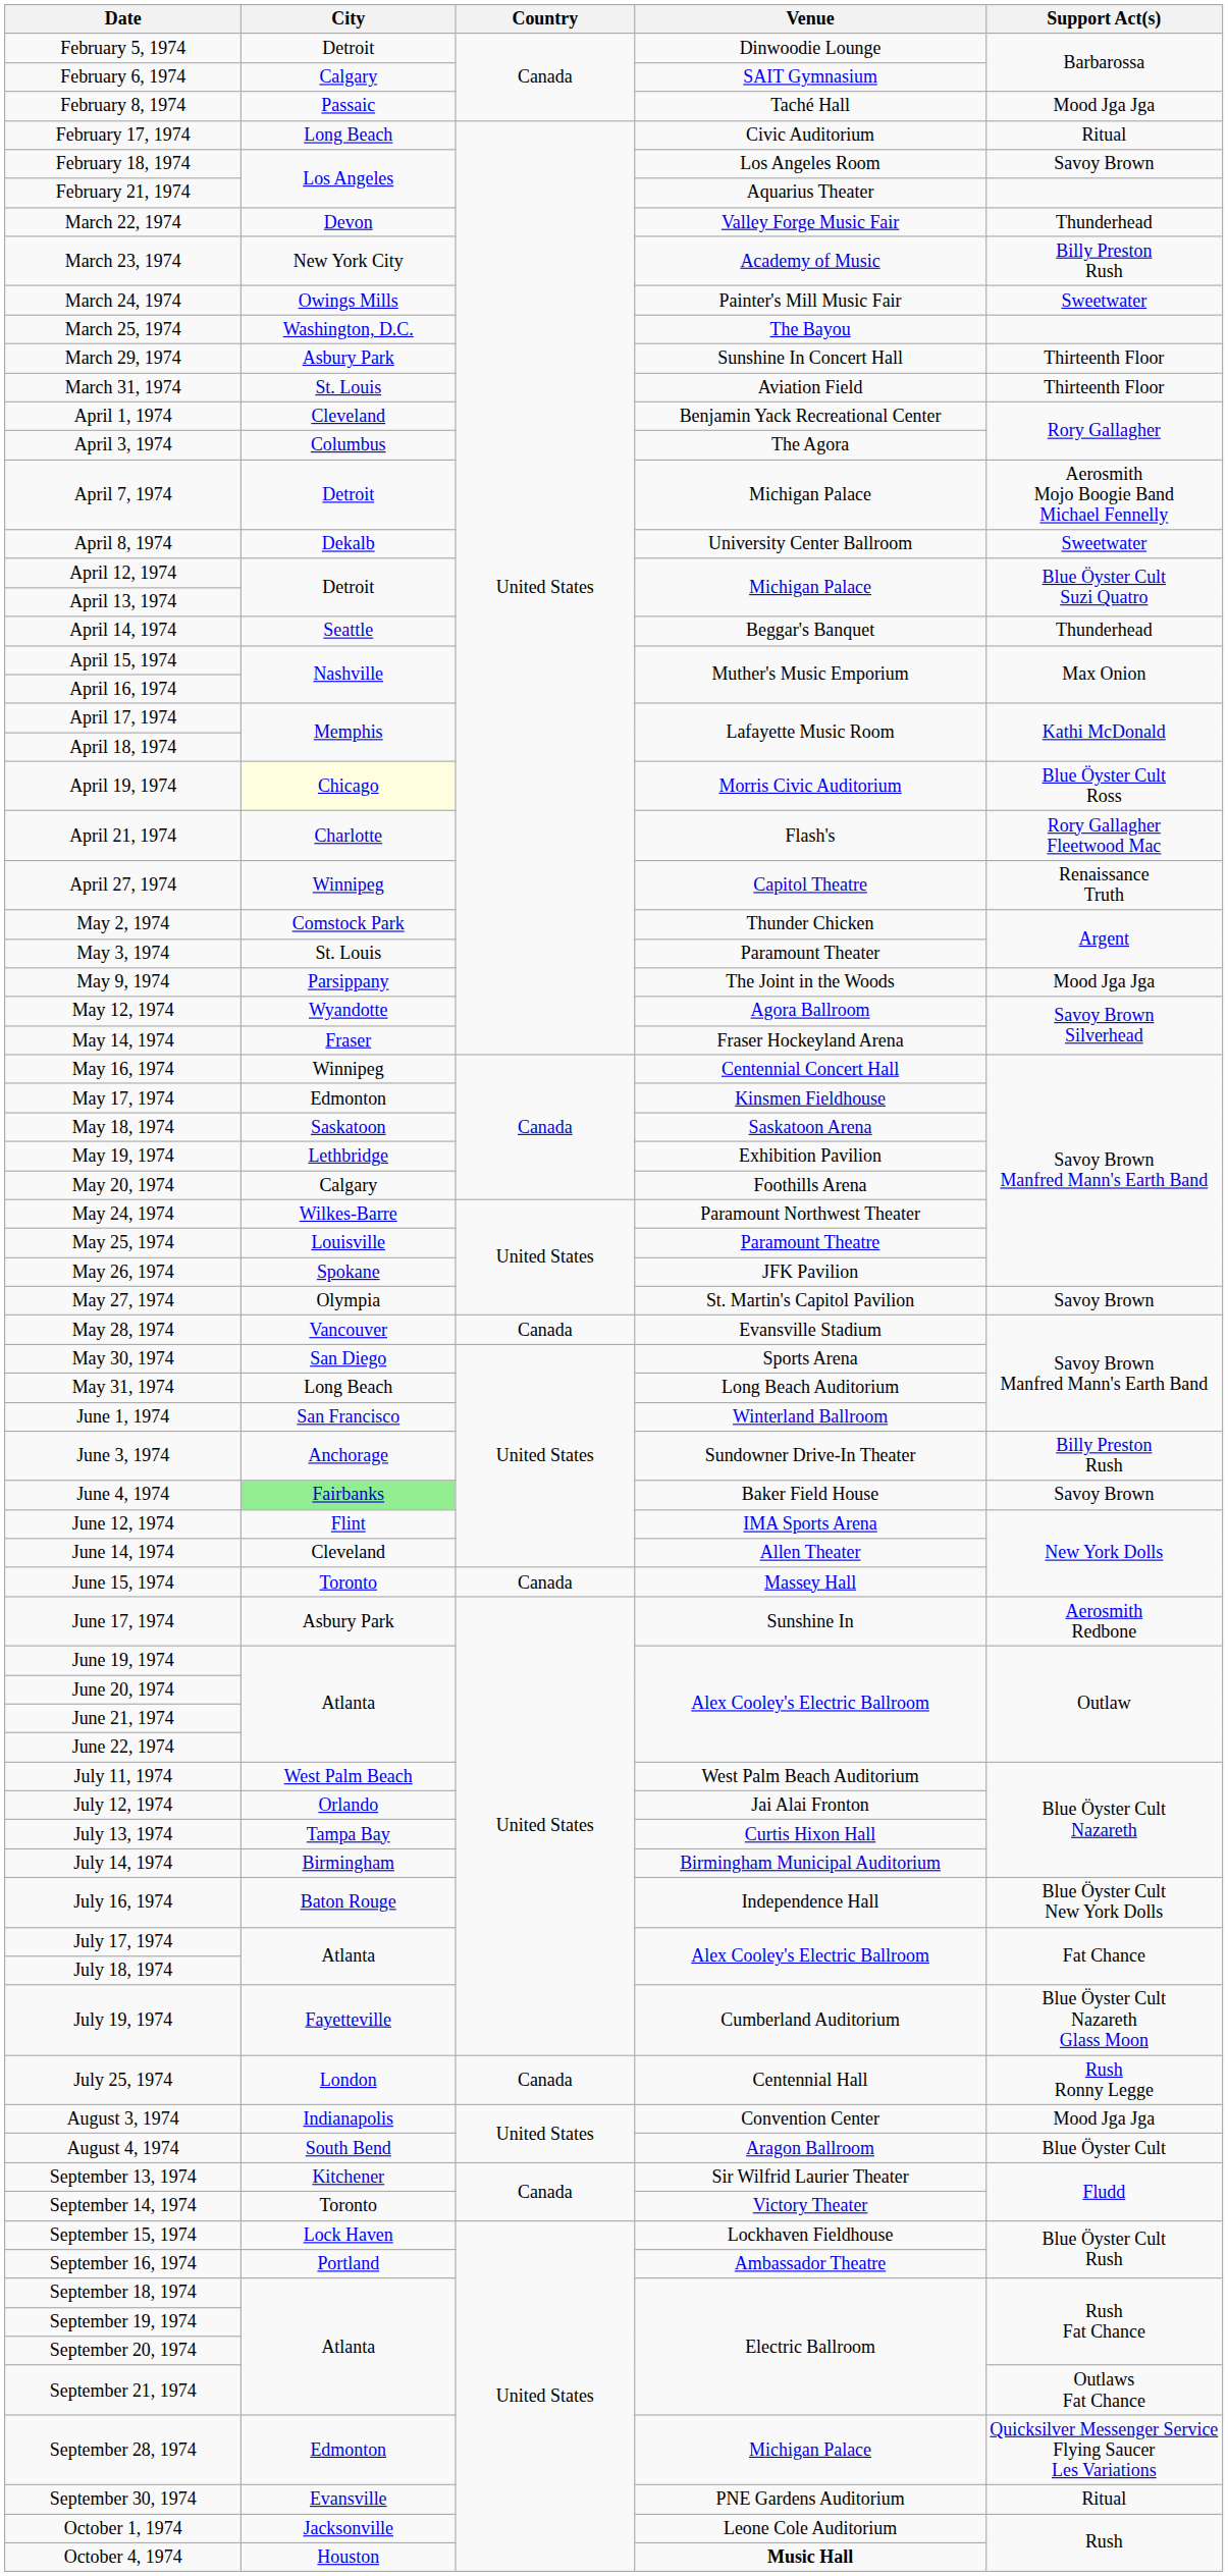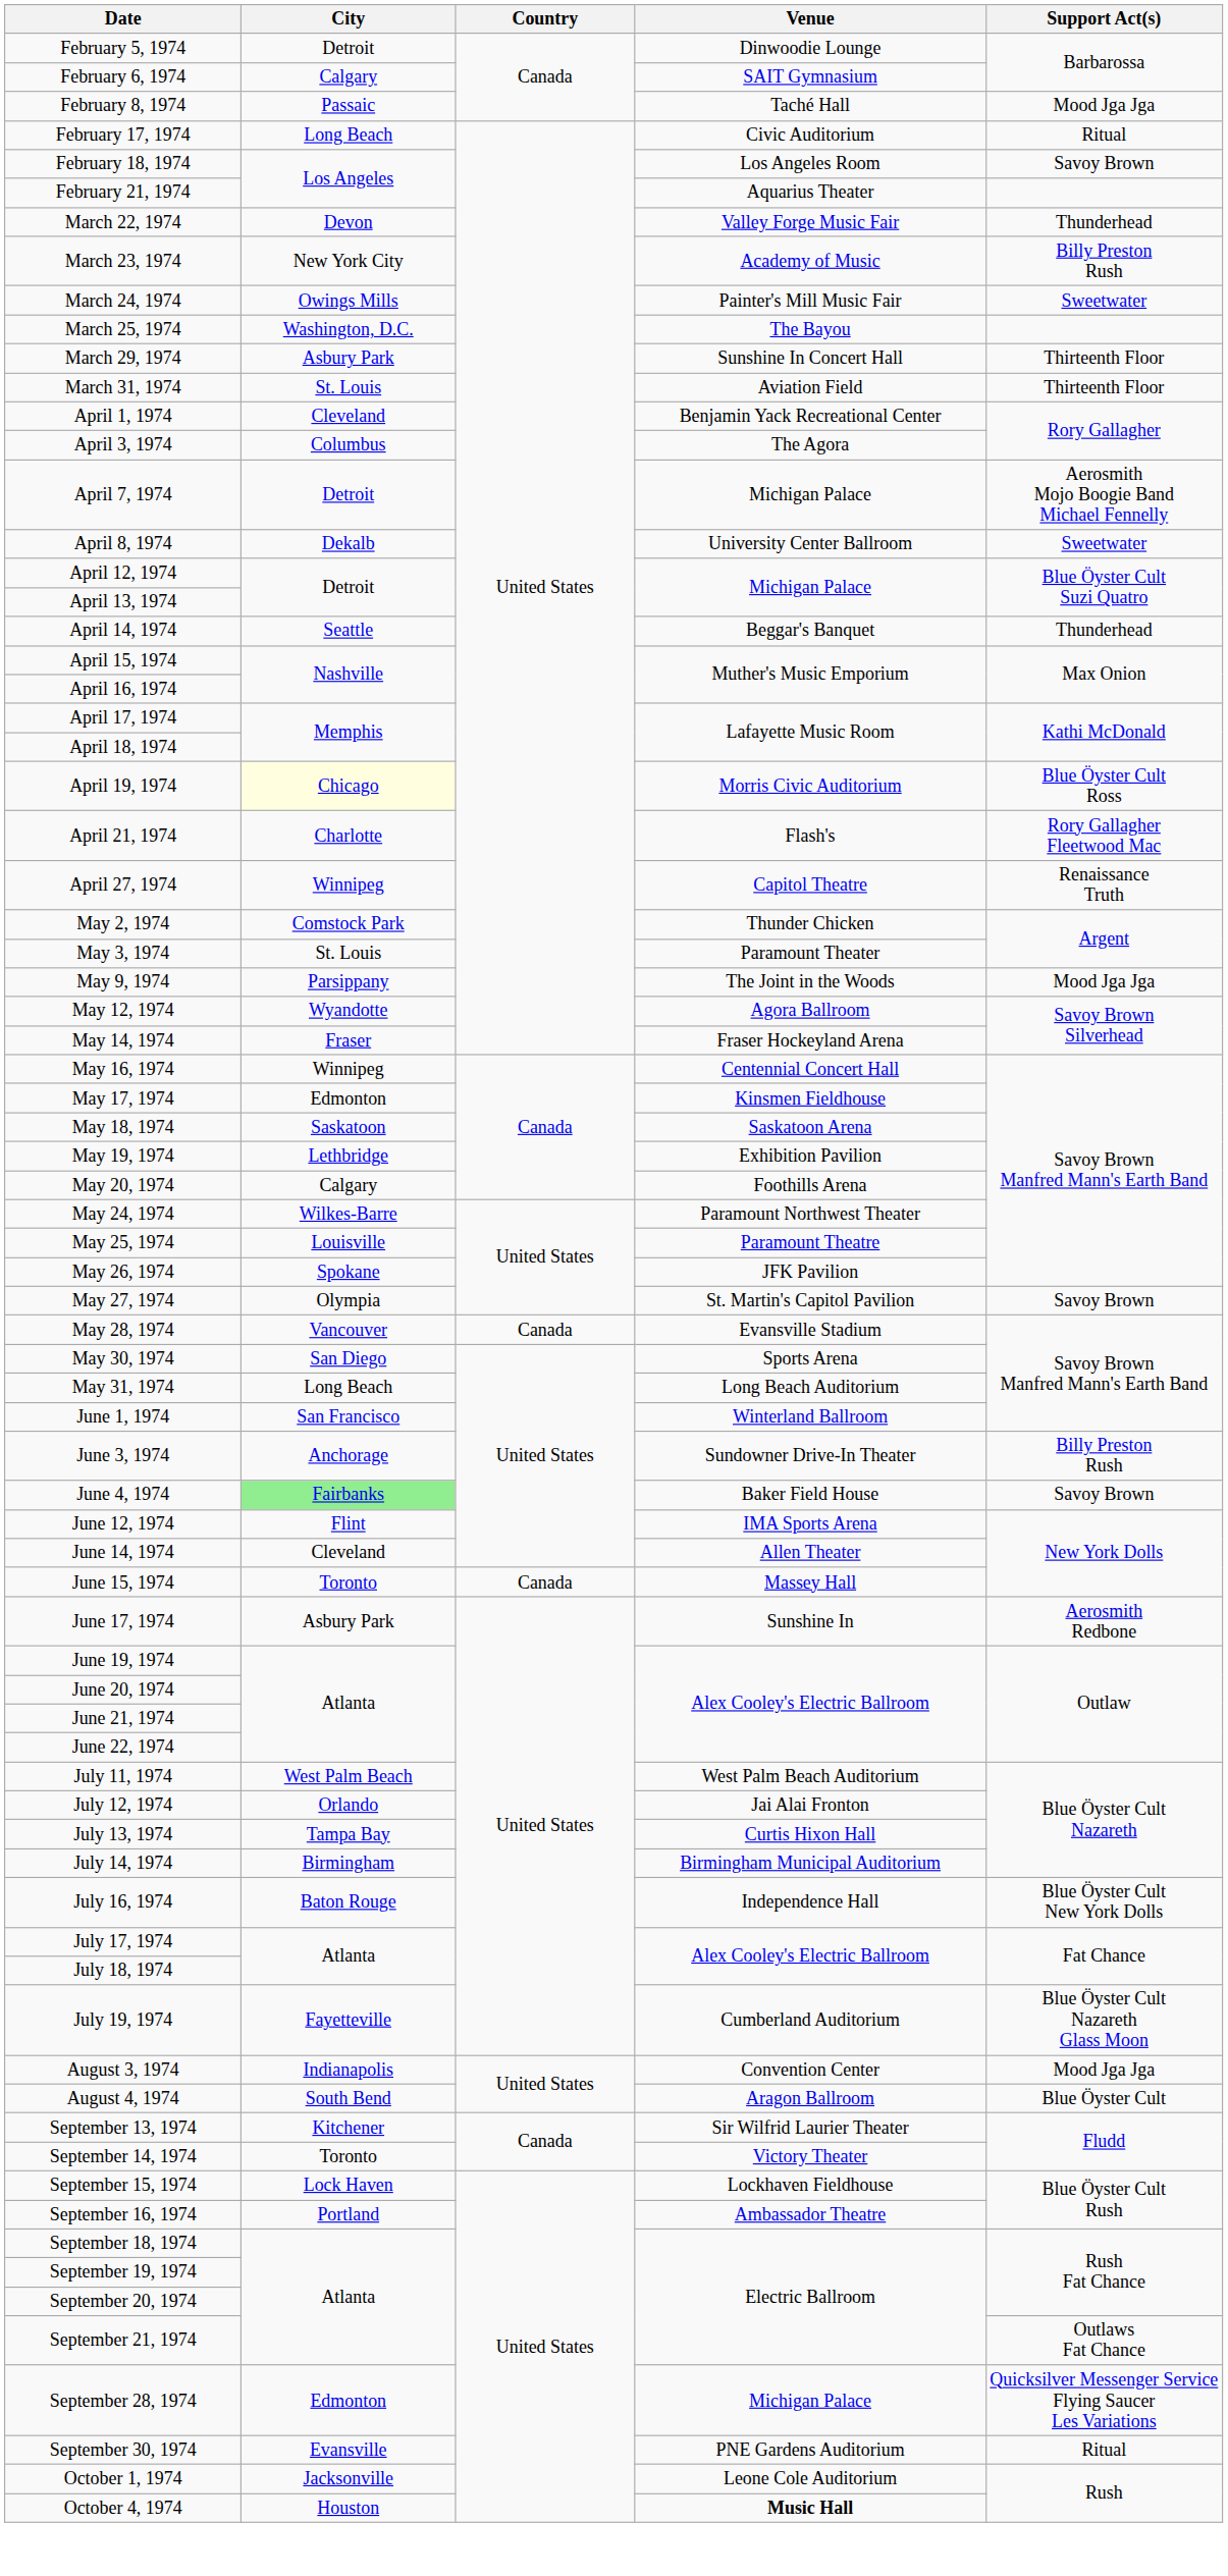 <table class="wikitable" style="text-align:center;">
 <tr>
 <th width="200">Date</th>
 <th width="180">City</th>
 <th width="150">Country</th>
 <th width="300">Venue</th>
 <th width="200">Support Act(s)</th>
 </tr>
 <tr>
 <td>February 5, 1974</td>
 <td>Detroit</td>
 <td rowspan="3">Canada</td>
 <td>Dinwoodie Lounge</td>
 <td rowspan="2">Barbarossa</td>
 </tr>
 <tr>
 <td>February 6, 1974</td>
 <td><a href='#'>Calgary</a></td>
 <td><a href='#'>SAIT Gymnasium</a></td>
 </tr>
 <tr>
 <td>February 8, 1974</td>
 <td><a href='#'>Passaic</a></td>
 <td>Taché Hall</td>
 <td>Mood Jga Jga</td>
 </tr>
 <tr>
 <td>February 17, 1974</td>
 <td><a href='#'>Long Beach</a></td>
 <td rowspan="28">United States</td>
 <td>Civic Auditorium</td>
 <td>Ritual</td>
 </tr>
 <tr>
 <td>February 18, 1974</td>
 <td rowspan="2"><a href='#'>Los Angeles</a></td>
 <td>Los Angeles Room</td>
 <td>Savoy Brown</td>
 </tr>
 <tr>
 <td>February 21, 1974</td>
 <td>Aquarius Theater</td>
 </tr>
 <tr>
 <td>March 22, 1974</td>
 <td><a href='#'>Devon</a></td>
 <td><a href='#'>Valley Forge Music Fair</a></td>
 <td>Thunderhead</td>
 </tr>
 <tr>
 <td>March 23, 1974</td>
 <td>New York City</td>
 <td><a href='#'>Academy of Music</a></td>
 <td><a href='#'>Billy Preston</a><br>Rush</td>
 </tr>
 <tr>
 <td>March 24, 1974</td>
 <td><a href='#'>Owings Mills</a></td>
 <td>Painter's Mill Music Fair</td>
 <td><a href='#'>Sweetwater</a></td>
 </tr>
 <tr>
 <td>March 25, 1974</td>
 <td><a href='#'>Washington, D.C.</a></td>
 <td><a href='#'>The Bayou</a></td>
 <td></td>
 </tr>
 <tr>
 <td>March 29, 1974</td>
 <td><a href='#'>Asbury Park</a></td>
 <td>Sunshine In Concert Hall</td>
 <td>Thirteenth Floor</td>
 </tr>
 <tr>
 <td>March 31, 1974</td>
 <td><a href='#'>St. Louis</a></td>
 <td>Aviation Field</td>
 <td>Thirteenth Floor</td>
 </tr>
 <tr>
 <td>April 1, 1974</td>
 <td><a href='#'>Cleveland</a></td>
 <td>Benjamin Yack Recreational Center</td>
 <td rowspan="2"><a href='#'>Rory Gallagher</a></td>
 </tr>
 <tr>
 <td>April 3, 1974</td>
 <td><a href='#'>Columbus</a></td>
 <td>The Agora</td>
 </tr>
 <tr>
 <td>April 7, 1974</td>
 <td><a href='#'>Detroit</a></td>
 <td>Michigan Palace</td>
 <td>Aerosmith<br>Mojo Boogie Band<br><a href='#'>Michael Fennelly</a></td>
 </tr>
 <tr>
 <td>April 8, 1974</td>
 <td><a href='#'>Dekalb</a></td>
 <td>University Center Ballroom</td>
 <td><a href='#'>Sweetwater</a></td>
 </tr>
 <tr>
 <td>April 12, 1974</td>
 <td rowspan="2">Detroit</td>
 <td rowspan="2"><a href='#'>Michigan Palace</a></td>
 <td rowspan="2"><a href='#'>Blue Öyster Cult</a><br><a href='#'>Suzi Quatro</a></td>
 </tr>
 <tr>
 <td>April 13, 1974</td>
 </tr>
 <tr>
 <td>April 14, 1974</td>
 <td><a href='#'>Seattle</a></td>
 <td>Beggar's Banquet</td>
 <td>Thunderhead</td>
 </tr>
 <tr>
 <td>April 15, 1974</td>
 <td rowspan="2"><a href='#'>Nashville</a></td>
 <td rowspan="2">Muther's Music Emporium</td>
 <td rowspan="2">Max Onion</td>
 </tr>
 <tr>
 <td>April 16, 1974</td>
 </tr>
 <tr>
 <td>April 17, 1974</td>
 <td rowspan="2"><a href='#'>Memphis</a></td>
 <td rowspan="2">Lafayette Music Room</td>
 <td rowspan="2"><a href='#'>Kathi McDonald</a></td>
 </tr>
 <tr>
 <td>April 18, 1974</td>
 </tr>
 <tr>
 <td>April 19, 1974</td>
 <td style="background: lightyellow;"><a href='#'>Chicago</a></td>
 <td><a href='#'>Morris Civic Auditorium</a></td>
 <td><a href='#'>Blue Öyster Cult</a><br>Ross</td>
 </tr>
 <tr>
 <td>April 21, 1974</td>
 <td><a href='#'>Charlotte</a></td>
 <td>Flash's</td>
 <td><a href='#'>Rory Gallagher</a><br><a href='#'>Fleetwood Mac</a></td>
 </tr>
 <tr>
 <td>April 27, 1974</td>
 <td><a href='#'>Winnipeg</a></td>
 <td><a href='#'>Capitol Theatre</a></td>
 <td>Renaissance<br>Truth</td>
 </tr>
 <tr>
 <td>May 2, 1974</td>
 <td><a href='#'>Comstock Park</a></td>
 <td>Thunder Chicken</td>
 <td rowspan="2"><a href='#'>Argent</a></td>
 </tr>
 <tr>
 <td>May 3, 1974</td>
 <td>St. Louis</td>
 <td>Paramount Theater</td>
 </tr>
 <tr>
 <td>May 9, 1974</td>
 <td><a href='#'>Parsippany</a></td>
 <td>The Joint in the Woods</td>
 <td>Mood Jga Jga</td>
 </tr>
 <tr>
 <td>May 12, 1974</td>
 <td><a href='#'>Wyandotte</a></td>
 <td><a href='#'>Agora Ballroom</a></td>
 <td rowspan="2"><a href='#'>Savoy Brown</a><br><a href='#'>Silverhead</a></td>
 </tr>
 <tr>
 <td>May 14, 1974</td>
 <td><a href='#'>Fraser</a></td>
 <td>Fraser Hockeyland Arena</td>
 </tr>
 <tr>
 <td>May 16, 1974</td>
 <td>Winnipeg</td>
 <td rowspan="5"><a href='#'>Canada</a></td>
 <td><a href='#'>Centennial Concert Hall</a></td>
 <td rowspan="8">Savoy Brown<br><a href='#'>Manfred Mann's Earth Band</a></td>
 </tr>
 <tr>
 <td>May 17, 1974</td>
 <td>Edmonton</td>
 <td><a href='#'>Kinsmen Fieldhouse</a></td>
 </tr>
 <tr>
 <td>May 18, 1974</td>
 <td><a href='#'>Saskatoon</a></td>
 <td><a href='#'>Saskatoon Arena</a></td>
 </tr>
 <tr>
 <td>May 19, 1974</td>
 <td><a href='#'>Lethbridge</a></td>
 <td>Exhibition Pavilion</td>
 </tr>
 <tr>
 <td>May 20, 1974</td>
 <td>Calgary</td>
 <td>Foothills Arena</td>
 </tr>
 <tr>
 <td>May 24, 1974</td>
 <td><a href='#'>Wilkes-Barre</a></td>
 <td rowspan="4">United States</td>
 <td>Paramount Northwest Theater</td>
 </tr>
 <tr>
 <td>May 25, 1974</td>
 <td><a href='#'>Louisville</a></td>
 <td><a href='#'>Paramount Theatre</a></td>
 </tr>
 <tr>
 <td>May 26, 1974</td>
 <td><a href='#'>Spokane</a></td>
 <td>JFK Pavilion</td>
 </tr>
 <tr>
 <td>May 27, 1974</td>
 <td>Olympia</td>
 <td>St. Martin's Capitol Pavilion</td>
 <td>Savoy Brown</td>
 </tr>
 <tr>
 <td>May 28, 1974</td>
 <td><a href='#'>Vancouver</a></td>
 <td>Canada</td>
 <td>Evansville Stadium</td>
 <td rowspan="4">Savoy Brown<br>Manfred Mann's Earth Band</td>
 </tr>
 <tr>
 <td>May 30, 1974</td>
 <td><a href='#'>San Diego</a></td>
 <td rowspan="7">United States</td>
 <td>Sports Arena</td>
 </tr>
 <tr>
 <td>May 31, 1974</td>
 <td>Long Beach</td>
 <td>Long Beach Auditorium</td>
 </tr>
 <tr>
 <td>June 1, 1974</td>
 <td><a href='#'>San Francisco</a></td>
 <td><a href='#'>Winterland Ballroom</a></td>
 </tr>
 <tr>
 <td>June 3, 1974</td>
 <td><a href='#'>Anchorage</a></td>
 <td>Sundowner Drive-In Theater</td>
 <td><a href='#'>Billy Preston</a><br>Rush</td>
 </tr>
 <tr>
 <td>June 4, 1974</td>
 <td style="background: lightgreen;"><a href='#'>Fairbanks</a></td>
 <td>Baker Field House</td>
 <td>Savoy Brown</td>
 </tr>
 <tr>
 <td>June 12, 1974</td>
 <td><a href='#'>Flint</a></td>
 <td><a href='#'>IMA Sports Arena</a></td>
 <td rowspan="3"><a href='#'>New York Dolls</a></td>
 </tr>
 <tr>
 <td>June 14, 1974</td>
 <td>Cleveland</td>
 <td><a href='#'>Allen Theater</a></td>
 </tr>
 <tr>
 <td>June 15, 1974</td>
 <td><a href='#'>Toronto</a></td>
 <td>Canada</td>
 <td><a href='#'>Massey Hall</a></td>
 </tr>
 <tr>
 <td>June 17, 1974</td>
 <td>Asbury Park</td>
 <td rowspan="13">United States</td>
 <td>Sunshine In</td>
 <td><a href='#'>Aerosmith</a><br>Redbone</td>
 </tr>
 <tr>
 <td>June 19, 1974</td>
 <td rowspan="4">Atlanta</td>
 <td rowspan="4"><a href='#'>Alex Cooley's Electric Ballroom</a></td>
 <td rowspan="4">Outlaw</td>
 </tr>
 <tr>
 <td>June 20, 1974</td>
 </tr>
 <tr>
 <td>June 21, 1974</td>
 </tr>
 <tr>
 <td>June 22, 1974</td>
 </tr>
 <tr>
 <td>July 11, 1974</td>
 <td><a href='#'>West Palm Beach</a></td>
 <td>West Palm Beach Auditorium</td>
 <td rowspan="4">Blue Öyster Cult<br><a href='#'>Nazareth</a></td>
 </tr>
 <tr>
 <td>July 12, 1974</td>
 <td><a href='#'>Orlando</a></td>
 <td>Jai Alai Fronton</td>
 </tr>
 <tr>
 <td>July 13, 1974</td>
 <td><a href='#'>Tampa Bay</a></td>
 <td><a href='#'>Curtis Hixon Hall</a></td>
 </tr>
 <tr>
 <td>July 14, 1974</td>
 <td><a href='#'>Birmingham</a></td>
 <td><a href='#'>Birmingham Municipal Auditorium</a></td>
 </tr>
 <tr>
 <td>July 16, 1974</td>
 <td><a href='#'>Baton Rouge</a></td>
 <td>Independence Hall</td>
 <td>Blue Öyster Cult<br>New York Dolls</td>
 </tr>
 <tr>
 <td>July 17, 1974</td>
 <td rowspan="2">Atlanta</td>
 <td rowspan="2"><a href='#'>Alex Cooley's Electric Ballroom</a></td>
 <td rowspan="2">Fat Chance</td>
 </tr>
 <tr>
 <td>July 18, 1974</td>
 </tr>
 <tr>
 <td>July 19, 1974</td>
 <td><a href='#'>Fayetteville</a></td>
 <td>Cumberland Auditorium</td>
 <td>Blue Öyster Cult<br>Nazareth<br><a href='#'>Glass Moon</a></td>
 </tr>
 <tr>
-<td>July 25, 1974</td>
-<td><a href='#'>London</a></td>
-<td>Canada</td>
-<td>Centennial Hall</td>
-<td><a href='#'>Rush</a><br>Ronny Legge</td>
-</tr>
-<tr>
 <td>August 3, 1974</td>
 <td><a href='#'>Indianapolis</a></td>
 <td rowspan="2">United States</td>
 <td>Convention Center</td>
 <td>Mood Jga Jga</td>
 </tr>
 <tr>
 <td>August 4, 1974</td>
 <td><a href='#'>South Bend</a></td>
 <td><a href='#'>Aragon Ballroom</a></td>
 <td>Blue Öyster Cult</td>
 </tr>
 <tr>
 <td>September 13, 1974</td>
 <td><a href='#'>Kitchener</a></td>
 <td rowspan="2">Canada</td>
 <td>Sir Wilfrid Laurier Theater</td>
 <td rowspan="2"><a href='#'>Fludd</a></td>
 </tr>
 <tr>
 <td>September 14, 1974</td>
 <td>Toronto</td>
 <td><a href='#'>Victory Theater</a></td>
 </tr>
 <tr>
 <td>September 15, 1974</td>
 <td><a href='#'>Lock Haven</a></td>
 <td rowspan="11">United States</td>
 <td>Lockhaven Fieldhouse</td>
 <td rowspan="2">Blue Öyster Cult<br>Rush</td>
 </tr>
 <tr>
 <td>September 16, 1974</td>
 <td><a href='#'>Portland</a></td>
 <td><a href='#'>Ambassador Theatre</a></td>
 </tr>
 <tr>
 <td>September 18, 1974</td>
 <td rowspan="4">Atlanta</td>
 <td rowspan="4">Electric Ballroom</td>
 <td rowspan="3">Rush<br>Fat Chance</td>
 </tr>
 <tr>
 <td>September 19, 1974</td>
 </tr>
 <tr>
 <td>September 20, 1974</td>
 </tr>
 <tr>
 <td>September 21, 1974</td>
 <td>Outlaws<br>Fat Chance</td>
 </tr>
 <tr>
 <td>September 28, 1974</td>
 <td><a href='#'>Edmonton</a></td>
 <td><a href='#'>Michigan Palace</a></td>
 <td><a href='#'>Quicksilver Messenger Service</a><br>Flying Saucer<br><a href='#'>Les Variations</a></td>
 </tr>
 <tr>
 <td>September 30, 1974</td>
 <td><a href='#'>Evansville</a></td>
 <td>PNE Gardens Auditorium</td>
 <td>Ritual</td>
 </tr>
 <tr>
 <td>October 1, 1974</td>
 <td><a href='#'>Jacksonville</a></td>
 <td>Leone Cole Auditorium</td>
 <td rowspan="2">Rush</td>
 </tr>
 <tr>
 <td>October 4, 1974</td>
 <td><a href='#'>Houston</a></td>
 <td><strong>Music Hall</strong></td>
 </tr>
 </table>
